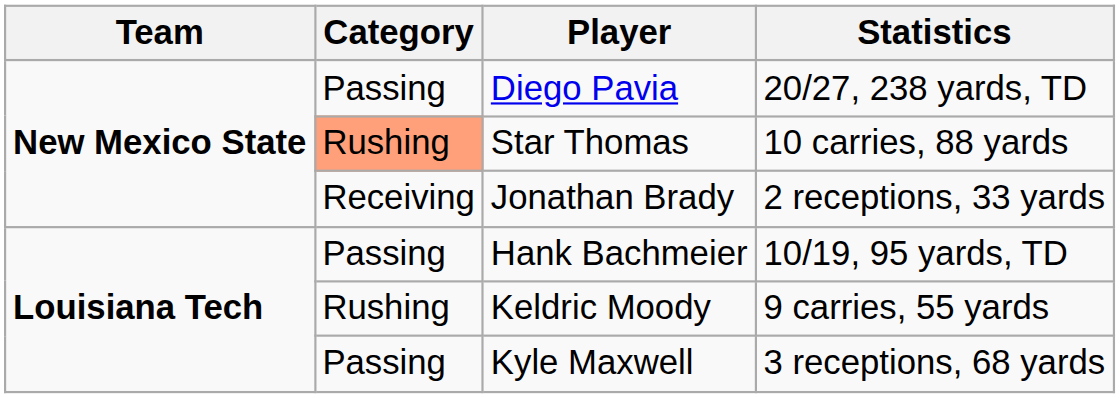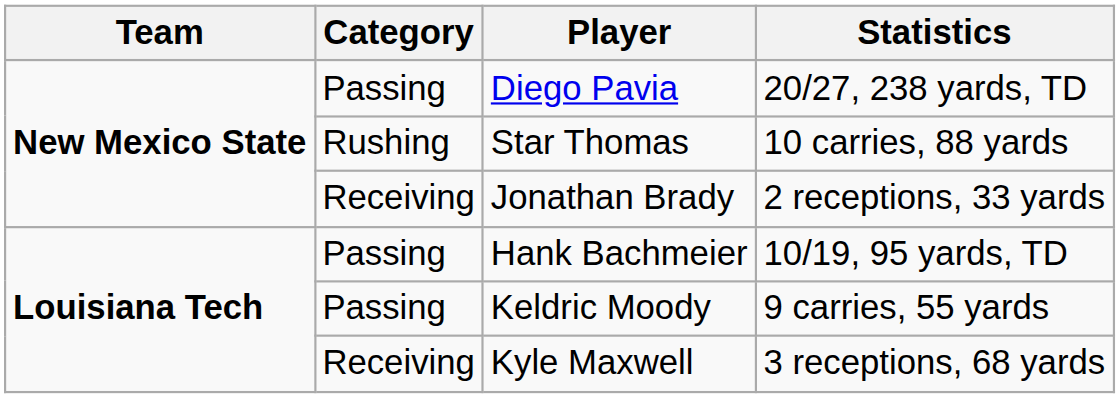 <table class="wikitable" style="float: left;">
 <tr>
 <th>Team</th>
 <th>Category</th>
 <th>Player</th>
 <th>Statistics</th>
 </tr>
 <tr>
 <td rowspan=3><strong>New Mexico State</strong></td>
 <td>Passing</td>
 <td><a href='#'>Diego Pavia</a></td>
 <td>20/27, 238 yards, TD</td>
 </tr>
 <tr>
-<td style="background: lightsalmon;">Rushing</td>
+<td>Rushing</td>
 <td>Star Thomas</td>
 <td>10 carries, 88 yards</td>
 </tr>
 <tr>
 <td>Receiving</td>
 <td>Jonathan Brady</td>
 <td>2 receptions, 33 yards</td>
 </tr>
 <tr>
 <td rowspan=3><strong>Louisiana Tech</strong></td>
 <td>Passing</td>
 <td>Hank Bachmeier</td>
 <td>10/19, 95 yards, TD</td>
 </tr>
 <tr>
-<td>Rushing</td>
+<td>Passing</td>
 <td>Keldric Moody</td>
 <td>9 carries, 55 yards</td>
 </tr>
 <tr>
-<td>Passing</td>
+<td>Receiving</td>
 <td>Kyle Maxwell</td>
 <td>3 receptions, 68 yards</td>
 </tr>
 </table>
